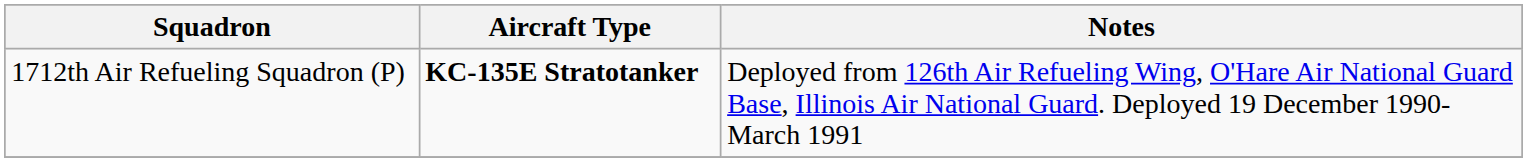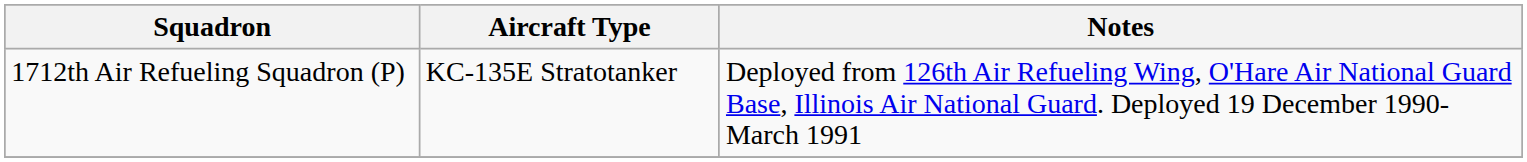 <table class="wikitable">
 <tr>
 <th scope="col" width="250">Squadron</th>
 <th scope="col" width="175">Aircraft Type</th>
 <th scope="col" width="500">Notes</th>
 </tr>
 <tr valign="top">
 <td>1712th Air Refueling Squadron (P)</td>
-<td><strong>KC-135E Stratotanker</strong></td>
+<td>KC-135E Stratotanker</td>
 <td>Deployed from <a href='#'>126th Air Refueling Wing</a>, <a href='#'>O'Hare Air National Guard Base</a>, <a href='#'>Illinois Air National Guard</a>. Deployed 19 December 1990-March 1991</td>
 </tr>
 <tr>
 </tr>
 <tr>
 </tr>
 </table>
